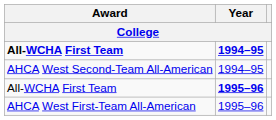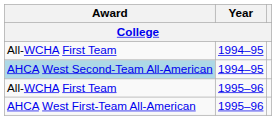 <table class="wikitable">
 <tr>
 <th>Award</th>
 <th>Year</th>
 <th></th>
 </tr>
 <tr ALIGN="center" bgcolor="#e0e0e0">
 <th colspan="3"><a href='#'>College</a></th>
 </tr>
 <tr>
-<td><strong>All-<a href='#'>WCHA</a> <a href='#'>First Team</a></strong></td>
-<td><strong><a href='#'>1994–95</a></strong></td>
+<td>All-<a href='#'>WCHA</a> <a href='#'>First Team</a></td>
+<td><a href='#'>1994–95</a></td>
 <td></td>
 </tr>
 <tr>
-<td><a href='#'>AHCA</a> <a href='#'>West Second-Team All-American</a></td>
+<td style="background: lightblue;"><a href='#'>AHCA</a> <a href='#'>West Second-Team All-American</a></td>
 <td><a href='#'>1994–95</a></td>
 <td></td>
 </tr>
 <tr>
 <td>All-<a href='#'>WCHA</a> <a href='#'>First Team</a></td>
-<td><strong><a href='#'>1995–96</a></strong></td>
+<td><a href='#'>1995–96</a></td>
 <td></td>
 </tr>
 <tr>
 <td><a href='#'>AHCA</a> <a href='#'>West First-Team All-American</a></td>
 <td><a href='#'>1995–96</a></td>
 <td></td>
 </tr>
 </table>
